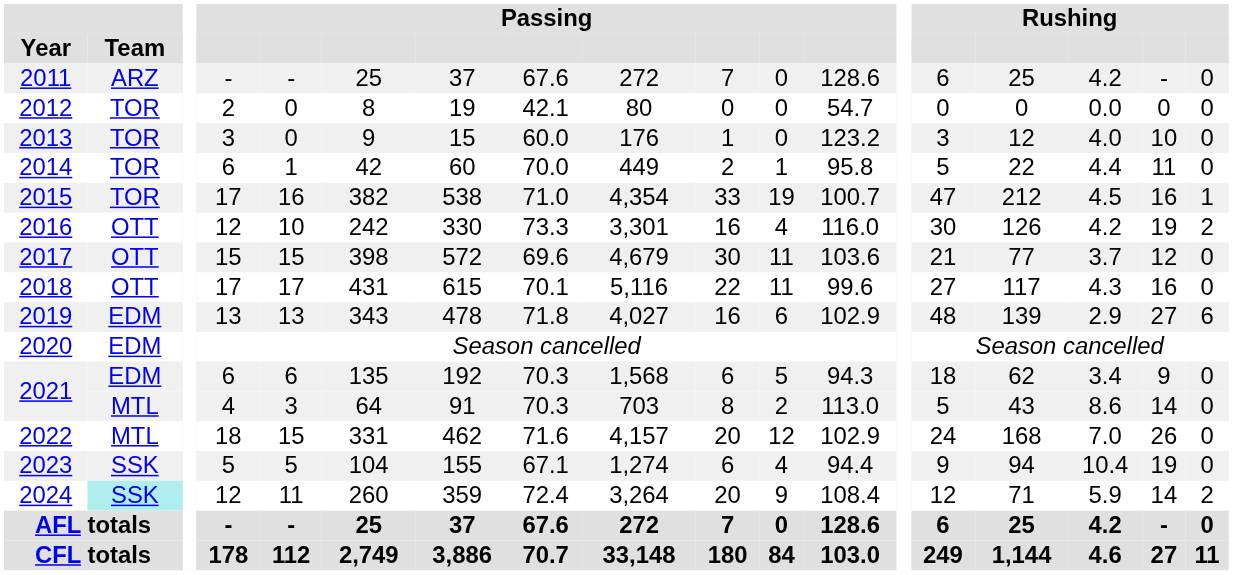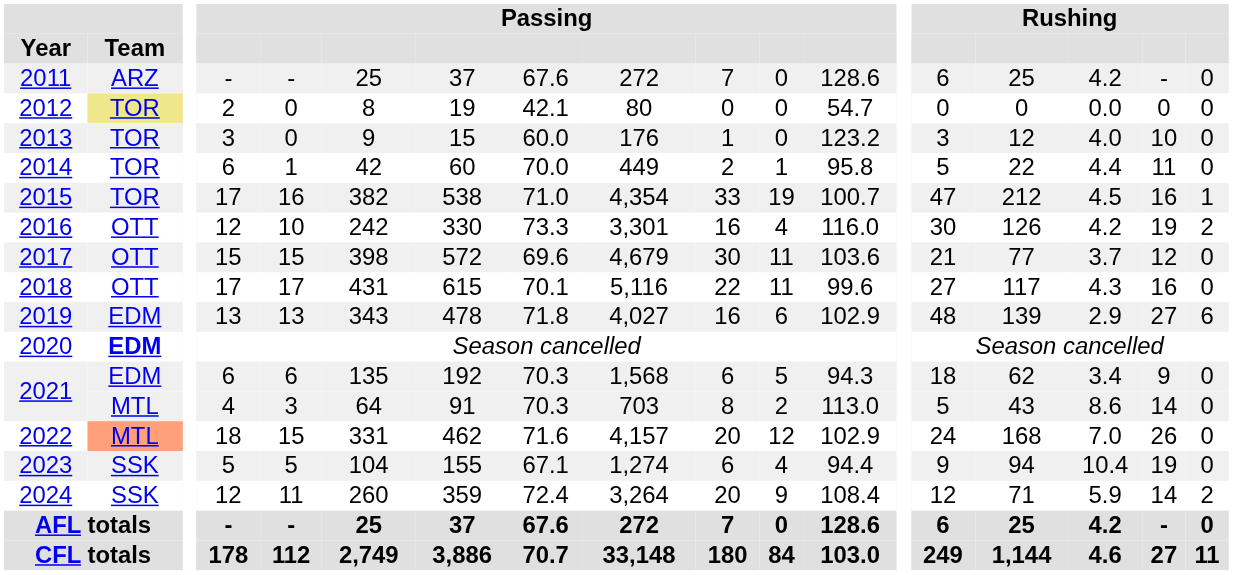 <table BORDER="0" CELLPADDING="1" CELLSPACING="0" width="65%" style="text-align:center">
 <tr bgcolor="#e0e0e0">
 <th colspan="2"></th>
 <th rowspan="99" bgcolor="#ffffff"> </th>
 <th colspan="9">Passing</th>
 <th rowspan="99" bgcolor="#ffffff"> </th>
 <th colspan="6">Rushing</th>
 </tr>
 <tr bgcolor="#e0e0e0">
 <th>Year</th>
 <th>Team</th>
 <th></th>
 <th></th>
 <th></th>
 <th></th>
 <th></th>
 <th></th>
 <th></th>
 <th></th>
 <th></th>
 <th></th>
 <th></th>
 <th></th>
 <th></th>
 <th></th>
 </tr>
 <tr ALIGN="center" bgcolor="#f0f0f0">
 <td><a href='#'>2011</a></td>
 <td><a href='#'>ARZ</a></td>
 <td>-</td>
 <td>-</td>
 <td>25</td>
 <td>37</td>
 <td>67.6</td>
 <td>272</td>
 <td>7</td>
 <td>0</td>
 <td>128.6</td>
 <td>6</td>
 <td>25</td>
 <td>4.2</td>
 <td>-</td>
 <td>0</td>
 </tr>
 <tr ALIGN="center">
 <td><a href='#'>2012</a></td>
-<td><a href='#'>TOR</a></td>
+<td style="background: khaki;"><a href='#'>TOR</a></td>
 <td>2</td>
 <td>0</td>
 <td>8</td>
 <td>19</td>
 <td>42.1</td>
 <td>80</td>
 <td>0</td>
 <td>0</td>
 <td>54.7</td>
 <td>0</td>
 <td>0</td>
 <td>0.0</td>
 <td>0</td>
 <td>0</td>
 </tr>
 <tr ALIGN="center" bgcolor="#f0f0f0">
 <td><a href='#'>2013</a></td>
 <td><a href='#'>TOR</a></td>
 <td>3</td>
 <td>0</td>
 <td>9</td>
 <td>15</td>
 <td>60.0</td>
 <td>176</td>
 <td>1</td>
 <td>0</td>
 <td>123.2</td>
 <td>3</td>
 <td>12</td>
 <td>4.0</td>
 <td>10</td>
 <td>0</td>
 </tr>
 <tr ALIGN="center">
 <td><a href='#'>2014</a></td>
 <td><a href='#'>TOR</a></td>
 <td>6</td>
 <td>1</td>
 <td>42</td>
 <td>60</td>
 <td>70.0</td>
 <td>449</td>
 <td>2</td>
 <td>1</td>
 <td>95.8</td>
 <td>5</td>
 <td>22</td>
 <td>4.4</td>
 <td>11</td>
 <td>0</td>
 </tr>
 <tr ALIGN="center" bgcolor="#f0f0f0">
 <td><a href='#'>2015</a></td>
 <td><a href='#'>TOR</a></td>
 <td>17</td>
 <td>16</td>
 <td>382</td>
 <td>538</td>
 <td>71.0</td>
 <td>4,354</td>
 <td>33</td>
 <td>19</td>
 <td>100.7</td>
 <td>47</td>
 <td>212</td>
 <td>4.5</td>
 <td>16</td>
 <td>1</td>
 </tr>
 <tr ALIGN="center">
 <td><a href='#'>2016</a></td>
 <td><a href='#'>OTT</a></td>
 <td>12</td>
 <td>10</td>
 <td>242</td>
 <td>330</td>
 <td>73.3</td>
 <td>3,301</td>
 <td>16</td>
 <td>4</td>
 <td>116.0</td>
 <td>30</td>
 <td>126</td>
 <td>4.2</td>
 <td>19</td>
 <td>2</td>
 </tr>
 <tr ALIGN="center" bgcolor="#f0f0f0">
 <td><a href='#'>2017</a></td>
 <td><a href='#'>OTT</a></td>
 <td>15</td>
 <td>15</td>
 <td>398</td>
 <td>572</td>
 <td>69.6</td>
 <td>4,679</td>
 <td>30</td>
 <td>11</td>
 <td>103.6</td>
 <td>21</td>
 <td>77</td>
 <td>3.7</td>
 <td>12</td>
 <td>0</td>
 </tr>
 <tr ALIGN="center">
 <td><a href='#'>2018</a></td>
 <td><a href='#'>OTT</a></td>
 <td>17</td>
 <td>17</td>
 <td>431</td>
 <td>615</td>
 <td>70.1</td>
 <td>5,116</td>
 <td>22</td>
 <td>11</td>
 <td>99.6</td>
 <td>27</td>
 <td>117</td>
 <td>4.3</td>
 <td>16</td>
 <td>0</td>
 </tr>
 <tr ALIGN="center" bgcolor="#f0f0f0">
 <td><a href='#'>2019</a></td>
 <td><a href='#'>EDM</a></td>
 <td>13</td>
 <td>13</td>
 <td>343</td>
 <td>478</td>
 <td>71.8</td>
 <td>4,027</td>
 <td>16</td>
 <td>6</td>
 <td>102.9</td>
 <td>48</td>
 <td>139</td>
 <td>2.9</td>
 <td>27</td>
 <td>6</td>
 </tr>
 <tr ALIGN="center">
 <td><a href='#'>2020</a></td>
-<td><a href='#'>EDM</a></td>
+<td><strong><a href='#'>EDM</a></strong></td>
 <td colspan="9"><em>Season cancelled</em></td>
 <td colspan="6"><em>Season cancelled</em></td>
 </tr>
 <tr ALIGN="center" bgcolor="#f0f0f0">
 <td rowspan="2" style="text-align: center;" valign="middle"><a href='#'>2021</a></td>
 <td><a href='#'>EDM</a></td>
 <td>6</td>
 <td>6</td>
 <td>135</td>
 <td>192</td>
 <td>70.3</td>
 <td>1,568</td>
 <td>6</td>
 <td>5</td>
 <td>94.3</td>
 <td>18</td>
 <td>62</td>
 <td>3.4</td>
 <td>9</td>
 <td>0</td>
 </tr>
 <tr ALIGN="center" bgcolor="#f0f0f0">
 <td><a href='#'>MTL</a></td>
 <td>4</td>
 <td>3</td>
 <td>64</td>
 <td>91</td>
 <td>70.3</td>
 <td>703</td>
 <td>8</td>
 <td>2</td>
 <td>113.0</td>
 <td>5</td>
 <td>43</td>
 <td>8.6</td>
 <td>14</td>
 <td>0</td>
 </tr>
 <tr ALIGN="center">
 <td><a href='#'>2022</a></td>
-<td><a href='#'>MTL</a></td>
+<td style="background: lightsalmon;"><a href='#'>MTL</a></td>
 <td>18</td>
 <td>15</td>
 <td>331</td>
 <td>462</td>
 <td>71.6</td>
 <td>4,157</td>
 <td>20</td>
 <td>12</td>
 <td>102.9</td>
 <td>24</td>
 <td>168</td>
 <td>7.0</td>
 <td>26</td>
 <td>0</td>
 </tr>
 <tr ALIGN="center" bgcolor="#f0f0f0">
 <td><a href='#'>2023</a></td>
 <td><a href='#'>SSK</a></td>
 <td>5</td>
 <td>5</td>
 <td>104</td>
 <td>155</td>
 <td>67.1</td>
 <td>1,274</td>
 <td>6</td>
 <td>4</td>
 <td>94.4</td>
 <td>9</td>
 <td>94</td>
 <td>10.4</td>
 <td>19</td>
 <td>0</td>
 </tr>
 <tr ALIGN="center">
 <td><a href='#'>2024</a></td>
-<td style="background: paleturquoise;"><a href='#'>SSK</a></td>
+<td><a href='#'>SSK</a></td>
 <td>12</td>
 <td>11</td>
 <td>260</td>
 <td>359</td>
 <td>72.4</td>
 <td>3,264</td>
 <td>20</td>
 <td>9</td>
 <td>108.4</td>
 <td>12</td>
 <td>71</td>
 <td>5.9</td>
 <td>14</td>
 <td>2</td>
 </tr>
 <tr bgcolor="#e0e0e0">
 <th colspan="2"><a href='#'>AFL</a> totals</th>
 <th>-</th>
 <th>-</th>
 <th>25</th>
 <th>37</th>
 <th>67.6</th>
 <th>272</th>
 <th>7</th>
 <th>0</th>
 <th>128.6</th>
 <th>6</th>
 <th>25</th>
 <th>4.2</th>
 <th>-</th>
 <th>0</th>
 </tr>
 <tr bgcolor="#e0e0e0">
 <th colspan="2"><a href='#'>CFL</a> totals</th>
 <th>178</th>
 <th>112</th>
 <th>2,749</th>
 <th>3,886</th>
 <th>70.7</th>
 <th>33,148</th>
 <th>180</th>
 <th>84</th>
 <th>103.0</th>
 <th>249</th>
 <th>1,144</th>
 <th>4.6</th>
 <th>27</th>
 <th>11</th>
 </tr>
 </table>
